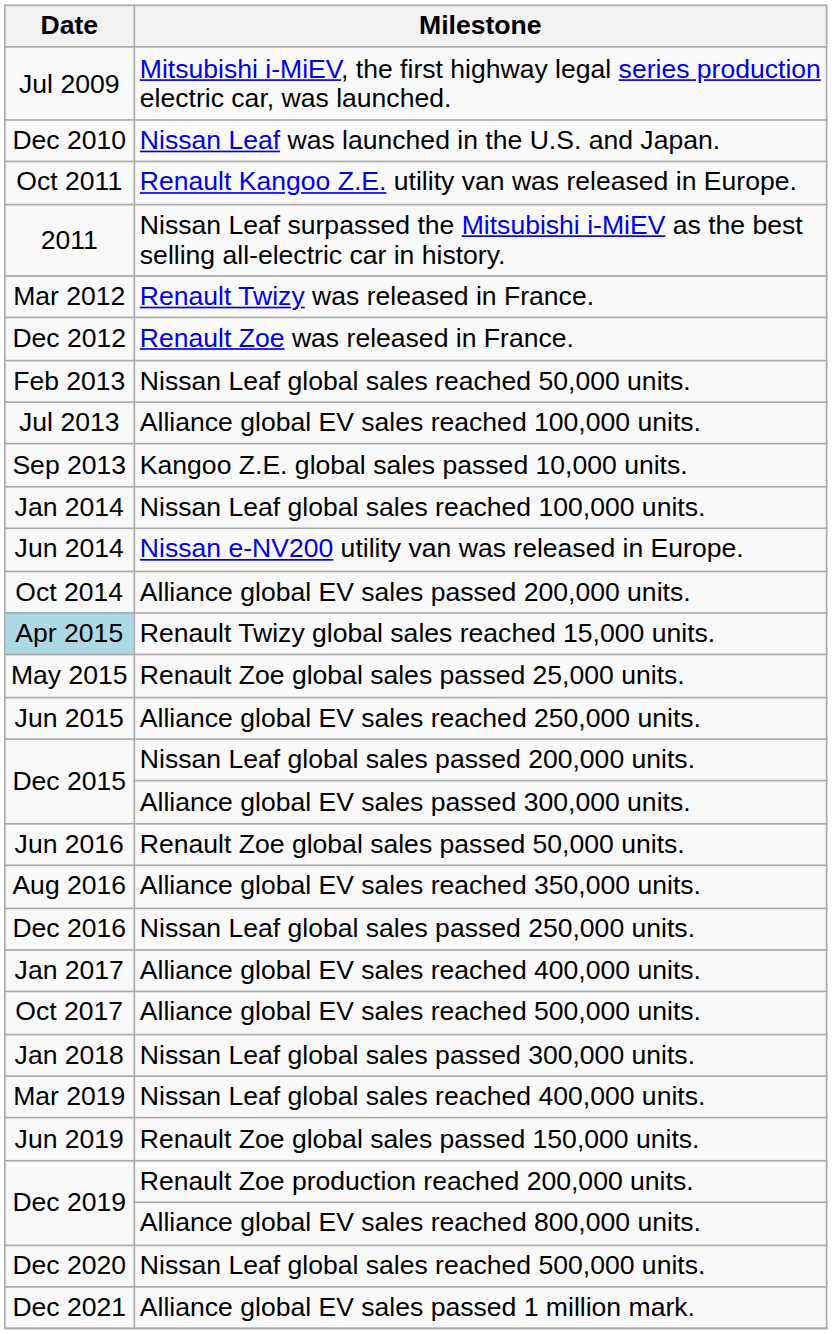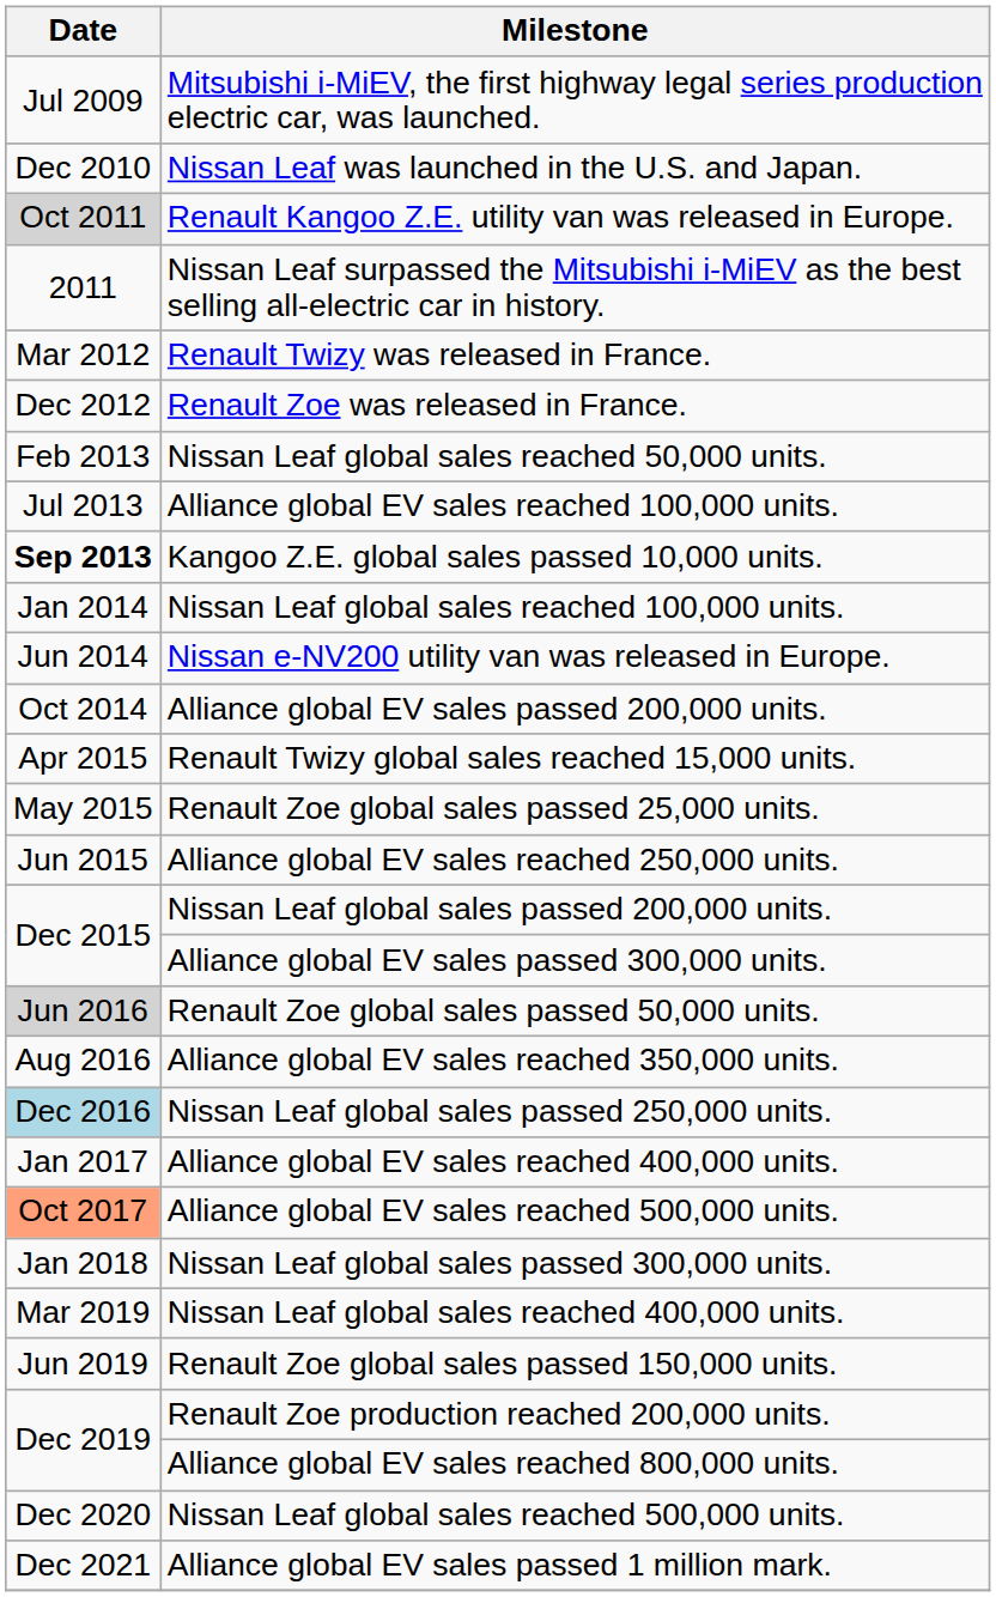 <table class="wikitable" style="float: left; clear: left; margin-right: 20px">
 <tr>
 <th>Date</th>
 <th>Milestone</th>
 </tr>
 <tr align=center>
 <td>Jul 2009</td>
 <td align=left><a href='#'>Mitsubishi i-MiEV</a>, the first highway legal <a href='#'>series production</a><br> electric car, was launched.</td>
 </tr>
 <tr>
 <td style="text-align: center;">Dec 2010</td>
 <td><a href='#'>Nissan Leaf</a> was launched in the U.S. and Japan.</td>
 </tr>
 <tr>
-<td style="text-align: center;">Oct 2011</td>
+<td style="background: lightgrey; text-align: center;">Oct 2011</td>
 <td><a href='#'>Renault Kangoo Z.E.</a> utility van was released in Europe.</td>
 </tr>
 <tr>
 <td style="text-align: center;">2011</td>
 <td>Nissan Leaf surpassed the <a href='#'>Mitsubishi i-MiEV</a> as the best <br>selling all-electric car in history.</td>
 </tr>
 <tr>
 <td style="text-align: center;">Mar 2012</td>
 <td><a href='#'>Renault Twizy</a> was released in France.</td>
 </tr>
 <tr>
 <td style="text-align: center;">Dec 2012</td>
 <td><a href='#'>Renault Zoe</a> was released in France.</td>
 </tr>
 <tr>
 <td style="text-align: center;">Feb 2013</td>
 <td>Nissan Leaf global sales reached 50,000 units.</td>
 </tr>
 <tr>
 <td style="text-align: center;">Jul 2013</td>
 <td>Alliance global EV sales reached 100,000 units.</td>
 </tr>
 <tr>
-<td style="text-align: center;">Sep 2013</td>
+<td style="text-align: center;"><strong>Sep 2013</strong></td>
 <td>Kangoo Z.E. global sales passed 10,000 units.</td>
 </tr>
 <tr>
 <td style="text-align: center;">Jan 2014</td>
 <td>Nissan Leaf global sales reached 100,000 units.</td>
 </tr>
 <tr>
 <td style="text-align: center;">Jun 2014</td>
 <td><a href='#'>Nissan e-NV200</a> utility van was released in Europe.</td>
 </tr>
 <tr>
 <td style="text-align: center;">Oct 2014</td>
 <td>Alliance global EV sales passed 200,000 units.</td>
 </tr>
 <tr>
-<td style="background: lightblue; text-align: center;">Apr 2015</td>
+<td style="text-align: center;">Apr 2015</td>
 <td>Renault Twizy global sales reached 15,000 units.</td>
 </tr>
 <tr>
 <td style="text-align: center;">May 2015</td>
 <td>Renault Zoe global sales passed 25,000 units.</td>
 </tr>
 <tr>
 <td style="text-align: center;">Jun 2015</td>
 <td>Alliance global EV sales reached 250,000 units.</td>
 </tr>
 <tr>
 <td rowspan="2" style="text-align: center;">Dec 2015</td>
 <td>Nissan Leaf global sales passed 200,000 units.</td>
 </tr>
 <tr>
 <td>Alliance global EV sales passed 300,000 units.</td>
 </tr>
 <tr>
-<td style="text-align: center;">Jun 2016</td>
+<td style="background: lightgrey; text-align: center;">Jun 2016</td>
 <td>Renault Zoe global sales passed 50,000 units.</td>
 </tr>
 <tr>
 <td style="text-align: center;">Aug 2016</td>
 <td>Alliance global EV sales reached 350,000 units.</td>
 </tr>
 <tr>
-<td style="text-align: center;">Dec 2016</td>
+<td style="background: lightblue; text-align: center;">Dec 2016</td>
 <td>Nissan Leaf global sales passed 250,000 units.</td>
 </tr>
 <tr>
 <td style="text-align: center;">Jan 2017</td>
 <td>Alliance global EV sales reached 400,000 units.</td>
 </tr>
 <tr>
-<td style="text-align: center;">Oct 2017</td>
+<td style="background: lightsalmon; text-align: center;">Oct 2017</td>
 <td>Alliance global EV sales reached 500,000 units.</td>
 </tr>
 <tr>
 <td style="text-align: center;">Jan 2018</td>
 <td>Nissan Leaf global sales passed 300,000 units.</td>
 </tr>
 <tr>
 <td style="text-align: center;">Mar 2019</td>
 <td>Nissan Leaf global sales reached 400,000 units.</td>
 </tr>
 <tr>
 <td style="text-align: center;">Jun 2019</td>
 <td>Renault Zoe global sales passed 150,000 units.</td>
 </tr>
 <tr>
 <td rowspan="2" style="text-align: center;">Dec 2019</td>
 <td>Renault Zoe production reached 200,000 units.</td>
 </tr>
 <tr>
 <td>Alliance global EV sales reached 800,000 units.</td>
 </tr>
 <tr>
 <td style="text-align: center;">Dec 2020</td>
 <td>Nissan Leaf global sales reached 500,000 units.</td>
 </tr>
 <tr>
 <td style="text-align: center;">Dec 2021</td>
 <td>Alliance global EV sales passed 1 million mark.</td>
 </tr>
 <tr>
 </tr>
 </table>
